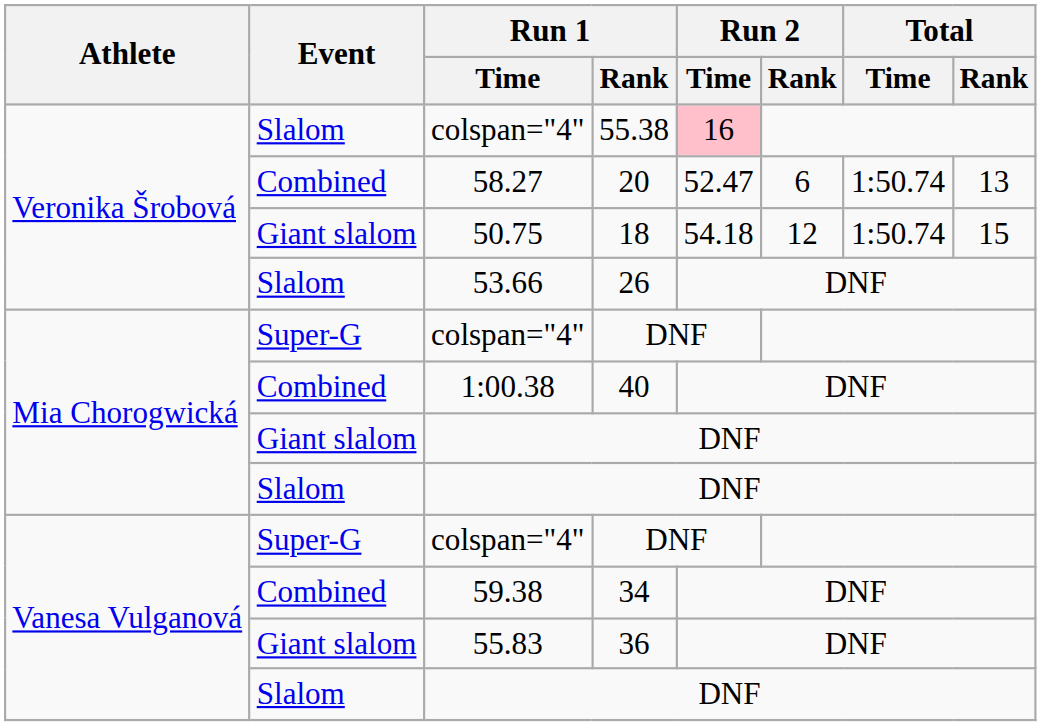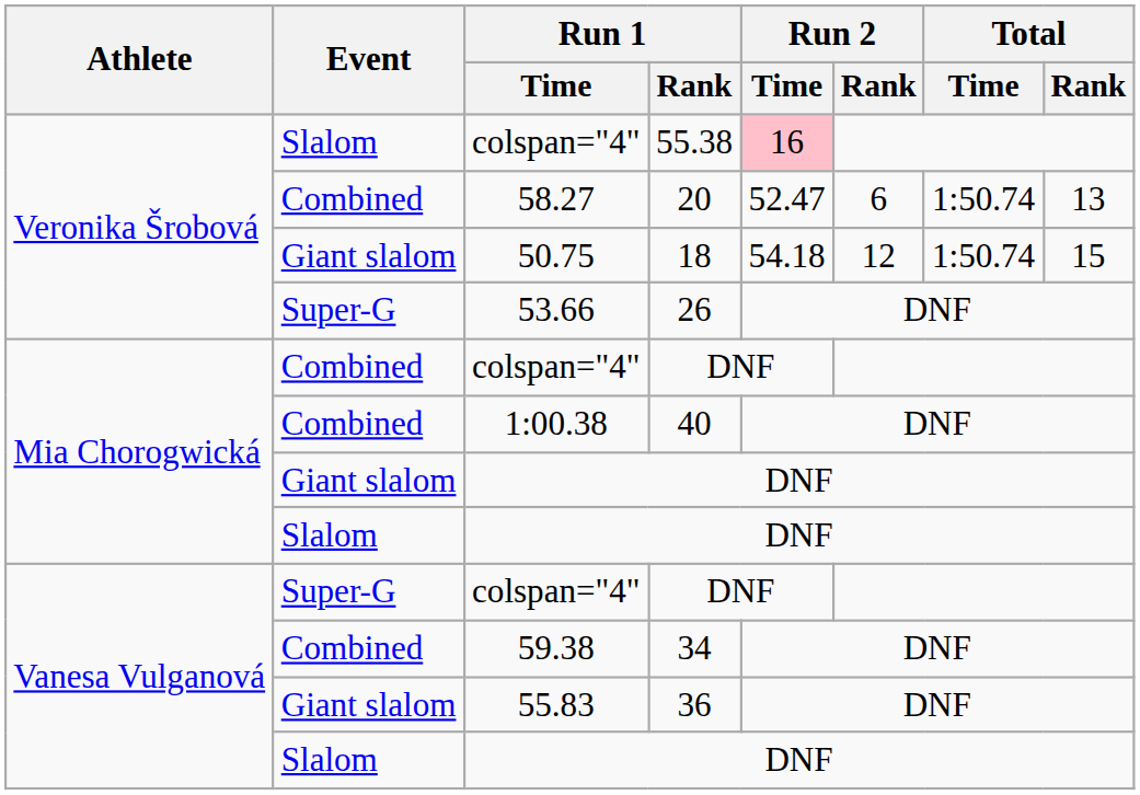 <table class="wikitable" style="font-size:90%">
 <tr>
 <th rowspan=2>Athlete</th>
 <th rowspan=2>Event</th>
 <th colspan=2>Run 1</th>
 <th colspan=2>Run 2</th>
 <th colspan=2>Total</th>
 </tr>
 <tr style="font-size:95%">
 <th>Time</th>
 <th>Rank</th>
 <th>Time</th>
 <th>Rank</th>
 <th>Time</th>
 <th>Rank</th>
 </tr>
 <tr align=center>
 <td align="left" rowspan="4"><a href='#'>Veronika Šrobová</a></td>
 <td align="left"><a href='#'>Slalom</a></td>
 <td>colspan="4" </td>
 <td>55.38</td>
 <td style="background: pink;">16</td>
 </tr>
 <tr align=center>
 <td align="left"><a href='#'>Combined</a></td>
 <td>58.27</td>
 <td>20</td>
 <td>52.47</td>
 <td>6</td>
 <td>1:50.74</td>
 <td>13</td>
 </tr>
 <tr align=center>
 <td align="left"><a href='#'>Giant slalom</a></td>
 <td>50.75</td>
 <td>18</td>
 <td>54.18</td>
 <td>12</td>
 <td>1:50.74</td>
 <td>15</td>
 </tr>
 <tr align=center>
-<td align="left"><a href='#'>Slalom</a></td>
+<td align="left"><a href='#'>Super-G</a></td>
 <td>53.66</td>
 <td>26</td>
 <td colspan=4>DNF</td>
 </tr>
 <tr align=center>
 <td align="left" rowspan="4"><a href='#'>Mia Chorogwická</a></td>
-<td align="left"><a href='#'>Super-G</a></td>
+<td align="left"><a href='#'>Combined</a></td>
 <td>colspan="4" </td>
 <td colspan=2>DNF</td>
 </tr>
 <tr align=center>
 <td align="left"><a href='#'>Combined</a></td>
 <td>1:00.38</td>
 <td>40</td>
 <td colspan=4>DNF</td>
 </tr>
 <tr align=center>
 <td align="left"><a href='#'>Giant slalom</a></td>
 <td colspan=6>DNF</td>
 </tr>
 <tr align=center>
 <td align="left"><a href='#'>Slalom</a></td>
 <td colspan=6>DNF</td>
 </tr>
 <tr align=center>
 <td align="left" rowspan="4"><a href='#'>Vanesa Vulganová</a></td>
 <td align="left"><a href='#'>Super-G</a></td>
 <td>colspan="4" </td>
 <td colspan=2>DNF</td>
 </tr>
 <tr align=center>
 <td align="left"><a href='#'>Combined</a></td>
 <td>59.38</td>
 <td>34</td>
 <td colspan=4>DNF</td>
 </tr>
 <tr align=center>
 <td align="left"><a href='#'>Giant slalom</a></td>
 <td>55.83</td>
 <td>36</td>
 <td colspan=4>DNF</td>
 </tr>
 <tr align=center>
 <td align="left"><a href='#'>Slalom</a></td>
 <td colspan=6>DNF</td>
 </tr>
 </table>
